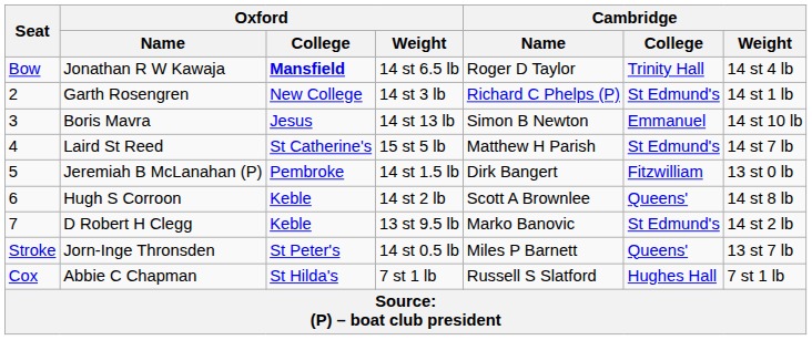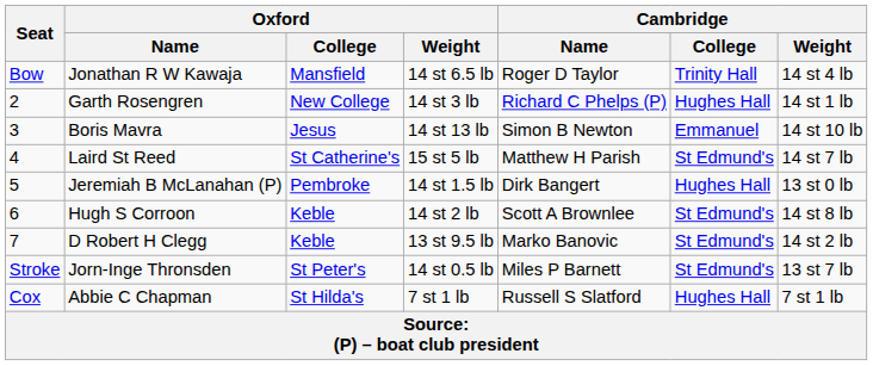 <table class="wikitable">
 <tr>
 <th rowspan="2" scope="col">Seat</th>
 <th colspan="3" scope="col">Oxford <br> </th>
 <th colspan="3" scope="col">Cambridge <br> </th>
 </tr>
 <tr>
 <th>Name</th>
 <th>College</th>
 <th>Weight</th>
 <th>Name</th>
 <th>College</th>
 <th>Weight</th>
 </tr>
 <tr>
 <td><a href='#'>Bow</a></td>
 <td>Jonathan R W Kawaja</td>
-<td><strong><a href='#'>Mansfield</a></strong></td>
+<td><a href='#'>Mansfield</a></td>
 <td>14 st 6.5 lb</td>
 <td>Roger D Taylor</td>
 <td><a href='#'>Trinity Hall</a></td>
 <td>14 st 4 lb</td>
 </tr>
 <tr>
 <td>2</td>
 <td>Garth Rosengren</td>
 <td><a href='#'>New College</a></td>
 <td>14 st 3 lb</td>
 <td><a href='#'>Richard C Phelps (P)</a></td>
-<td><a href='#'>St Edmund's</a></td>
+<td><a href='#'>Hughes Hall</a></td>
 <td>14 st 1 lb</td>
 </tr>
 <tr>
 <td>3</td>
 <td>Boris Mavra</td>
 <td><a href='#'>Jesus</a></td>
 <td>14 st 13 lb</td>
 <td>Simon B Newton</td>
 <td><a href='#'>Emmanuel</a></td>
 <td>14 st 10 lb</td>
 </tr>
 <tr>
 <td>4</td>
 <td>Laird St Reed</td>
 <td><a href='#'>St Catherine's</a></td>
 <td>15 st 5 lb</td>
 <td>Matthew H Parish</td>
 <td><a href='#'>St Edmund's</a></td>
 <td>14 st 7 lb</td>
 </tr>
 <tr>
 <td>5</td>
 <td>Jeremiah B McLanahan (P)</td>
 <td><a href='#'>Pembroke</a></td>
 <td>14 st 1.5 lb</td>
 <td>Dirk Bangert</td>
-<td><a href='#'>Fitzwilliam</a></td>
+<td><a href='#'>Hughes Hall</a></td>
 <td>13 st 0 lb</td>
 </tr>
 <tr>
 <td>6</td>
 <td>Hugh S Corroon</td>
 <td><a href='#'>Keble</a></td>
 <td>14 st 2 lb</td>
 <td>Scott A Brownlee</td>
-<td><a href='#'>Queens'</a></td>
+<td><a href='#'>St Edmund's</a></td>
 <td>14 st 8 lb</td>
 </tr>
 <tr>
 <td>7</td>
 <td>D Robert H Clegg</td>
 <td><a href='#'>Keble</a></td>
 <td>13 st 9.5 lb</td>
 <td>Marko Banovic</td>
 <td><a href='#'>St Edmund's</a></td>
 <td>14 st 2 lb</td>
 </tr>
 <tr>
 <td><a href='#'>Stroke</a></td>
 <td>Jorn-Inge Thronsden</td>
 <td><a href='#'>St Peter's</a></td>
 <td>14 st 0.5 lb</td>
 <td>Miles P Barnett</td>
-<td><a href='#'>Queens'</a></td>
+<td><a href='#'>St Edmund's</a></td>
 <td>13 st 7 lb</td>
 </tr>
 <tr>
 <td><a href='#'>Cox</a></td>
 <td>Abbie C Chapman</td>
 <td><a href='#'>St Hilda's</a></td>
 <td>7 st 1 lb</td>
 <td>Russell S Slatford</td>
 <td><a href='#'>Hughes Hall</a></td>
 <td>7 st 1 lb</td>
 </tr>
 <tr>
 <th colspan="7">Source:<br>(P) – boat club president</th>
 </tr>
 </table>
